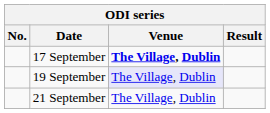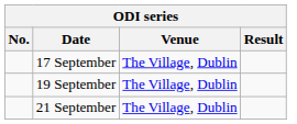 <table class="wikitable">
 <tr>
 <th colspan="4">ODI series</th>
 </tr>
 <tr>
 <th>No.</th>
 <th>Date</th>
 <th>Venue</th>
 <th>Result</th>
 </tr>
 <tr>
 <td></td>
 <td>17 September</td>
-<td><strong><a href='#'>The Village</a>, <a href='#'>Dublin</a></strong></td>
+<td><a href='#'>The Village</a>, <a href='#'>Dublin</a></td>
 <td></td>
 </tr>
 <tr>
 <td></td>
 <td>19 September</td>
-<td style="background: lavender;"><a href='#'>The Village</a>, <a href='#'>Dublin</a></td>
+<td><a href='#'>The Village</a>, <a href='#'>Dublin</a></td>
 <td></td>
 </tr>
 <tr>
 <td></td>
 <td>21 September</td>
 <td><a href='#'>The Village</a>, <a href='#'>Dublin</a></td>
 <td></td>
 </tr>
 </table>
